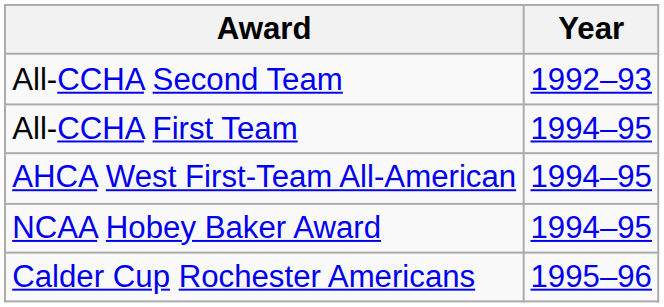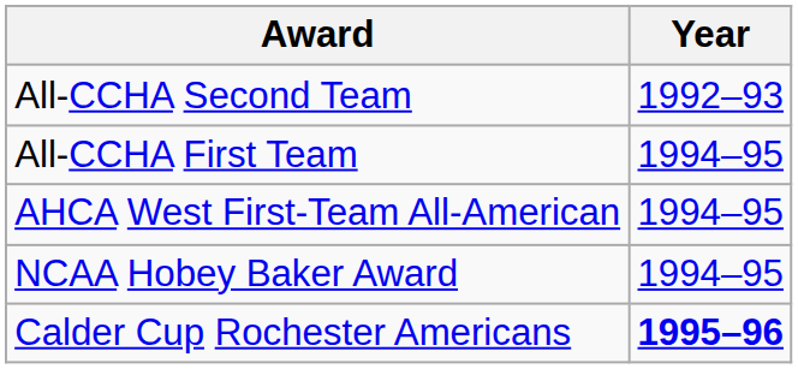 <table class="wikitable">
 <tr>
 <th>Award</th>
 <th>Year</th>
 </tr>
 <tr>
 <td>All-<a href='#'>CCHA</a> <a href='#'>Second Team</a></td>
 <td><a href='#'>1992–93</a></td>
 </tr>
 <tr>
 <td>All-<a href='#'>CCHA</a> <a href='#'>First Team</a></td>
 <td><a href='#'>1994–95</a></td>
 </tr>
 <tr>
 <td><a href='#'>AHCA</a> <a href='#'>West First-Team All-American</a></td>
 <td><a href='#'>1994–95</a></td>
 </tr>
 <tr>
 <td><a href='#'>NCAA</a> <a href='#'>Hobey Baker Award</a></td>
 <td><a href='#'>1994–95</a></td>
 </tr>
 <tr>
 <td><a href='#'>Calder Cup</a> <a href='#'>Rochester Americans</a></td>
-<td><a href='#'>1995–96</a></td>
+<td><strong><a href='#'>1995–96</a></strong></td>
 </tr>
 </table>
